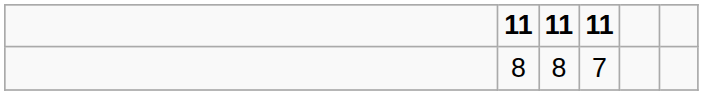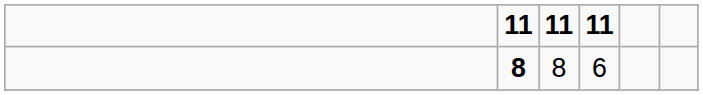 <table class="wikitable">
 <tr>
 <td style="width:18em"></td>
 <td align=center style="width:1em"><strong>11</strong></td>
 <td align=center style="width:1em"><strong>11</strong></td>
 <td align=center style="width:1em"><strong>11</strong></td>
 <td align=center style="width:1em"></td>
 <td align=center style="width:1em"></td>
 </tr>
 <tr>
 <td style="width:18em"></td>
+<td align=center style="width:1em"><strong>8</strong></td>
 <td align=center style="width:1em">8</td>
-<td align=center style="width:1em">8</td>
-<td align=center style="width:1em">7</td>
+<td align=center style="width:1em">6</td>
 <td align=center style="width:1em"></td>
 <td align=center style="width:1em"></td>
 </tr>
 </table>
